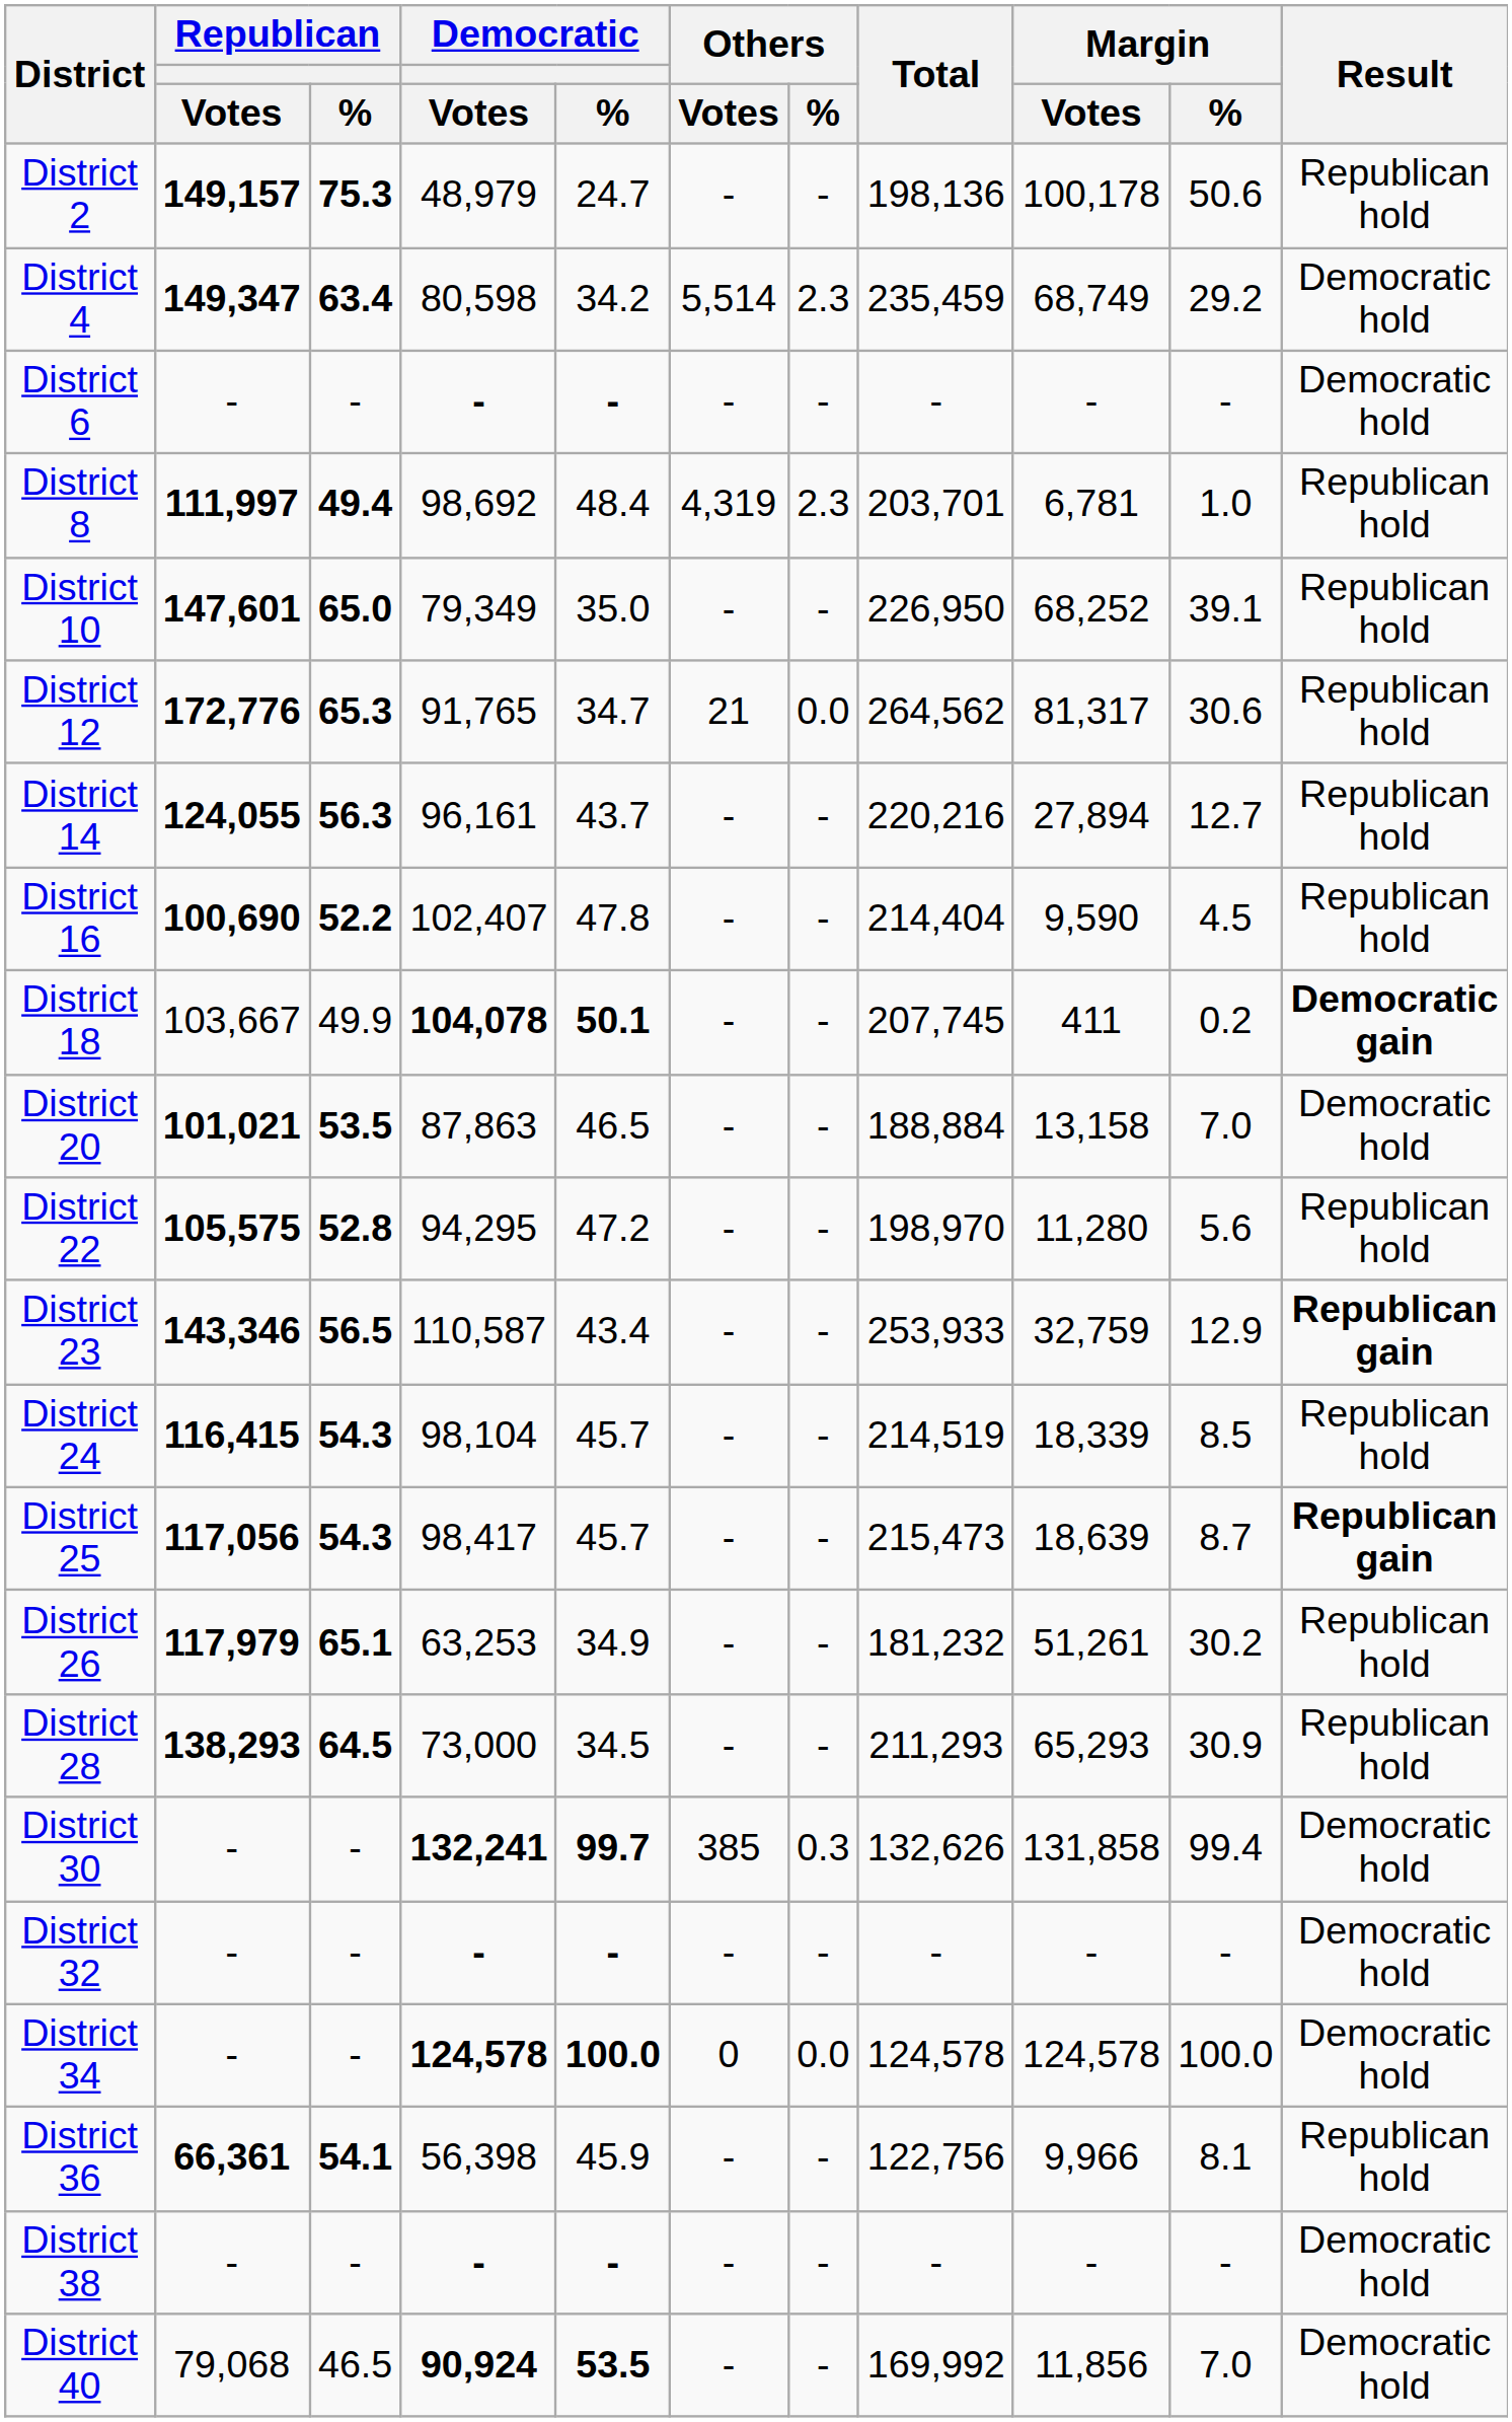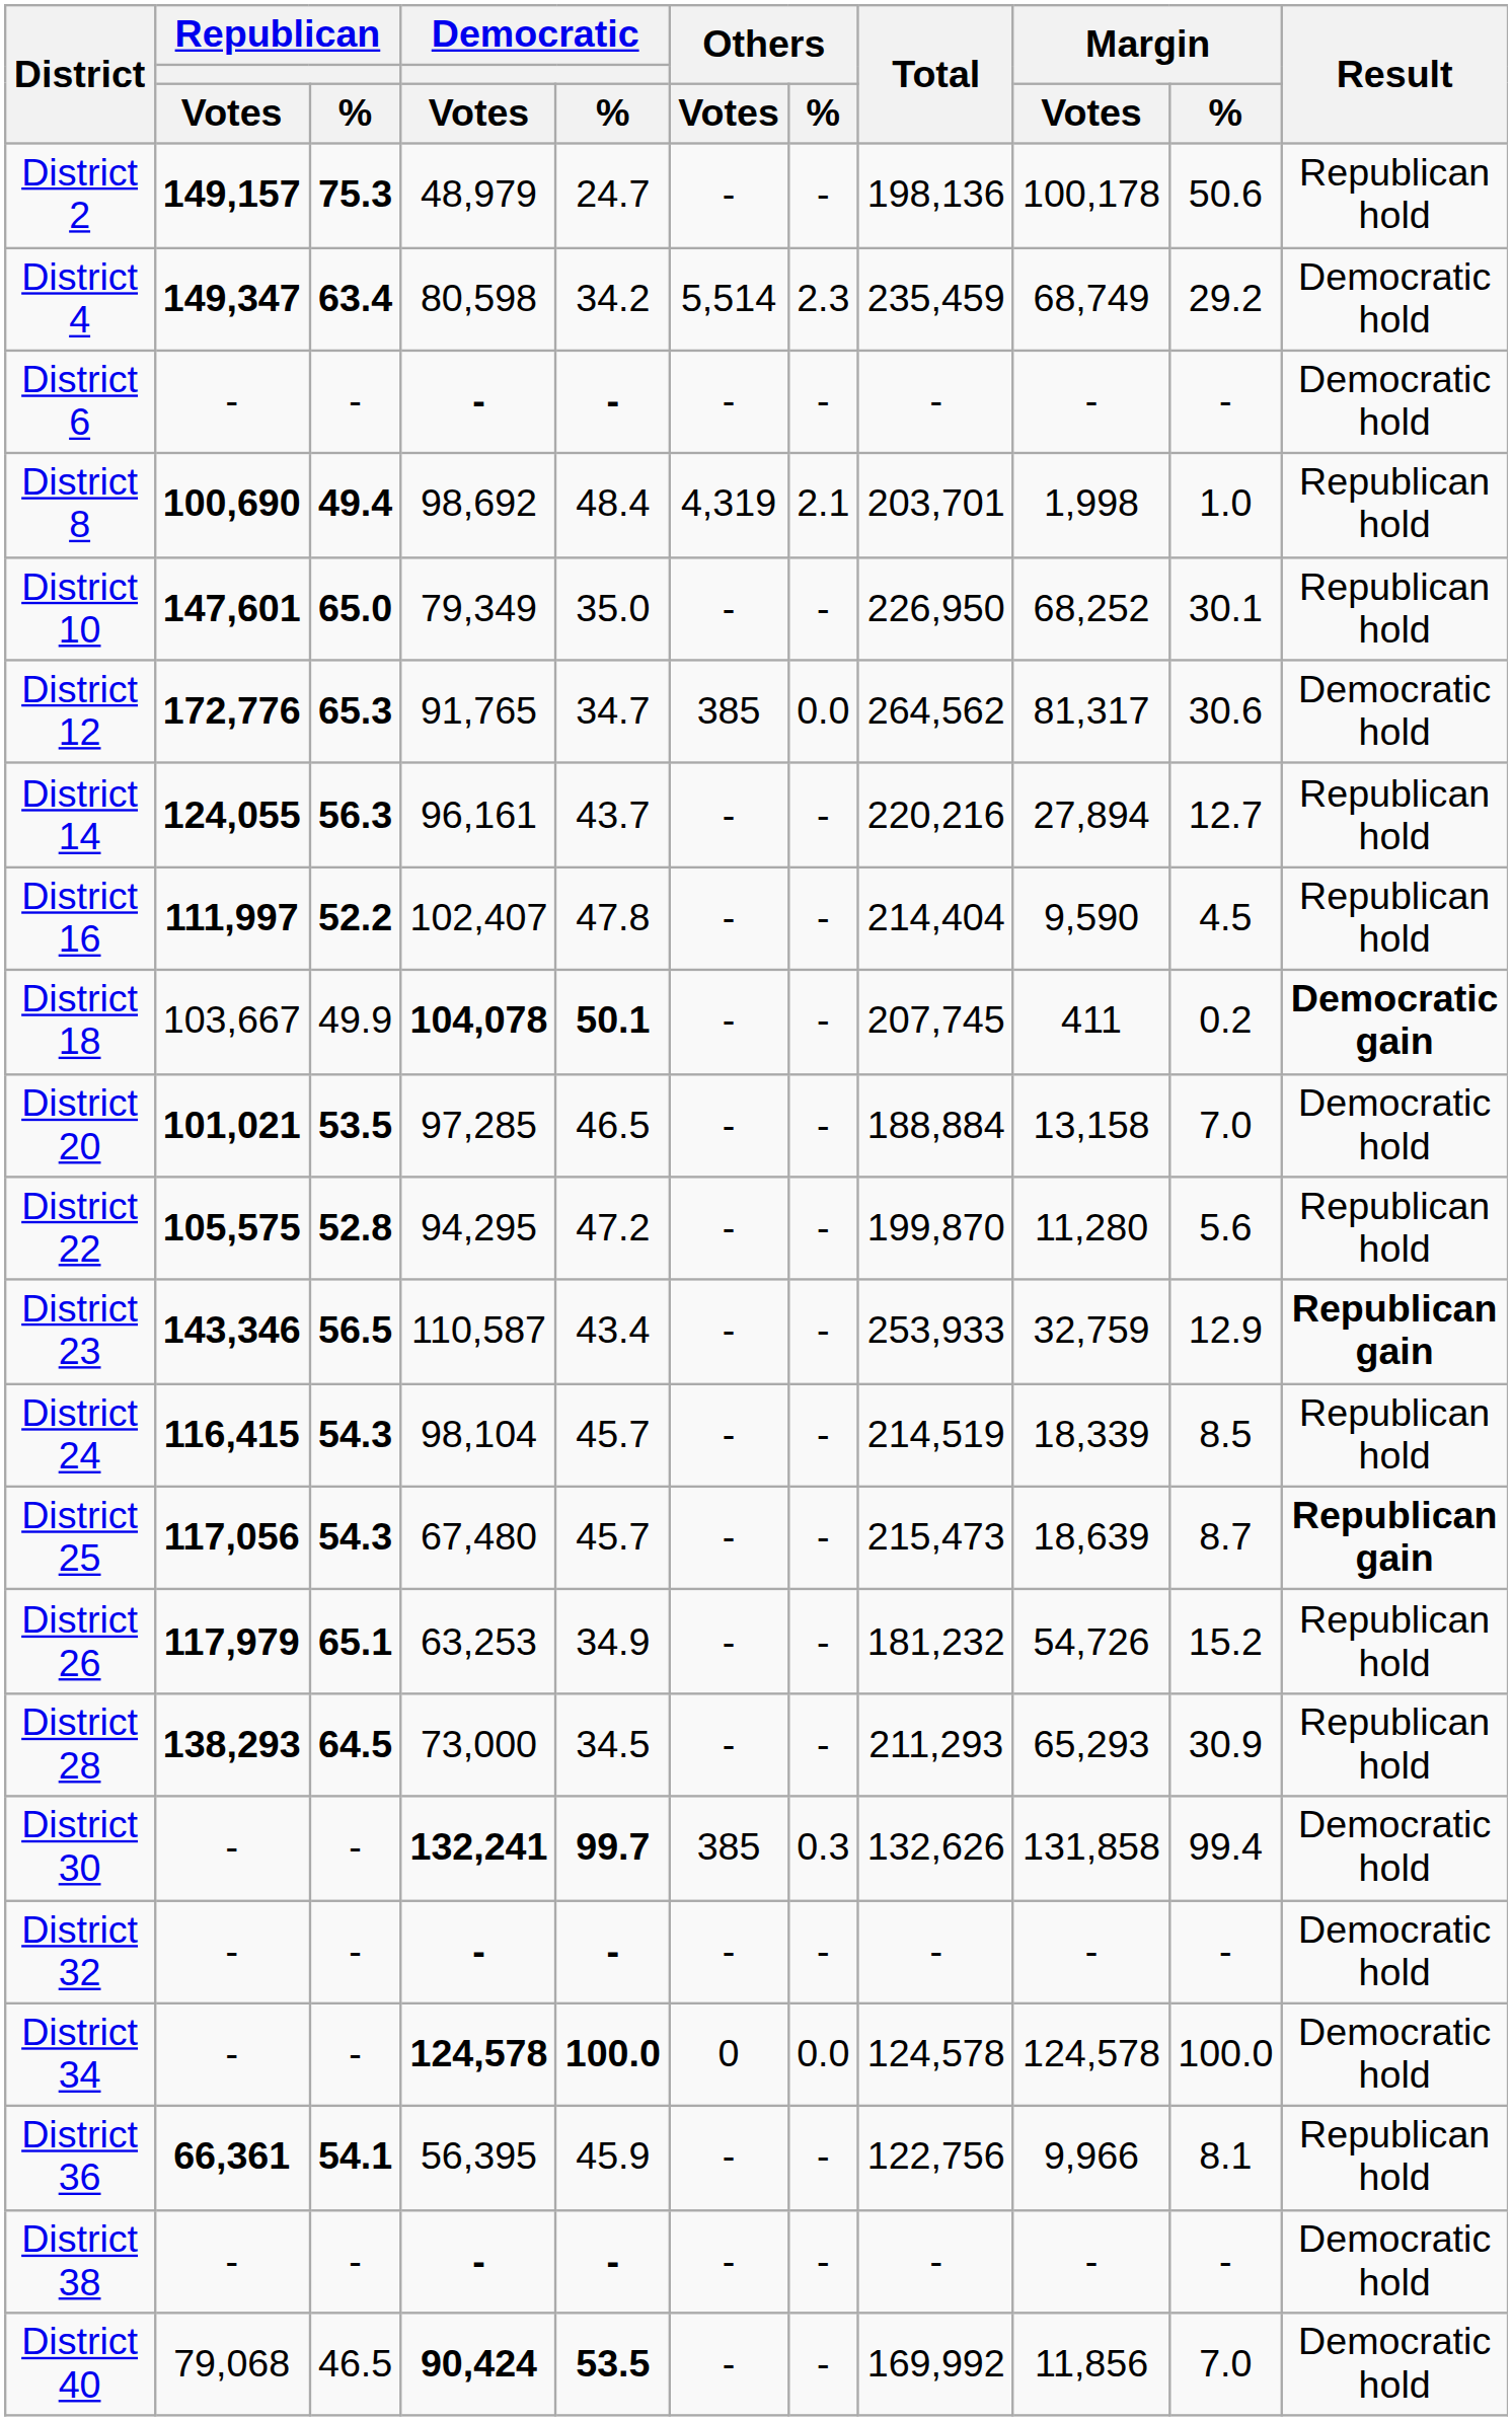 <table class="wikitable sortable" style="font-size:100%; text-align:center;">
 <tr>
 <th rowspan=3 data-sort-type="number">District</th>
 <th colspan=2><a href='#'>Republican</a></th>
 <th colspan=2><a href='#'>Democratic</a></th>
 <th colspan=2 rowspan=2>Others</th>
 <th rowspan=3 data-sort-type="number">Total</th>
 <th colspan=2 rowspan=2>Margin</th>
 <th rowspan=3>Result </th>
 </tr>
 <tr>
 <th colspan=2 style="background:"></th>
 <th colspan=2 style="background-color:"></th>
 </tr>
 <tr>
 <th data-sort-type="number">Votes</th>
 <th data-sort-type="number">%</th>
 <th data-sort-type="number">Votes</th>
 <th data-sort-type="number">%</th>
 <th data-sort-type="number">Votes</th>
 <th data-sort-type="number">%</th>
 <th data-sort-type="number">Votes</th>
 <th data-sort-type="number">%</th>
 </tr>
 <tr>
 <td data-sort-value="2"><a href='#'>District 2</a></td>
 <td><strong>149,157</strong></td>
 <td><strong>75.3</strong></td>
 <td>48,979</td>
 <td>24.7</td>
 <td>-</td>
 <td>-</td>
 <td>198,136</td>
 <td>100,178</td>
 <td>50.6</td>
 <td>Republican hold</td>
 </tr>
 <tr>
 <td data-sort-value="4"><a href='#'>District 4</a></td>
 <td><strong>149,347</strong></td>
 <td><strong>63.4</strong></td>
 <td>80,598</td>
 <td>34.2</td>
 <td>5,514</td>
 <td>2.3</td>
 <td>235,459</td>
 <td>68,749</td>
 <td>29.2</td>
 <td>Democratic hold</td>
 </tr>
 <tr>
 <td data-sort-value="6"><a href='#'>District 6</a></td>
 <td>-</td>
 <td>-</td>
 <td><strong>-</strong></td>
 <td data-sort-value="100.0"><strong>-</strong></td>
 <td>-</td>
 <td>-</td>
 <td>-</td>
 <td>-</td>
 <td data-sort-value="100.1">-</td>
 <td>Democratic hold</td>
 </tr>
 <tr>
 <td data-sort-value="8"><a href='#'>District 8</a></td>
-<td><strong>111,997</strong></td>
+<td><strong>100,690</strong></td>
 <td><strong>49.4</strong></td>
 <td>98,692</td>
 <td>48.4</td>
 <td>4,319</td>
-<td>2.3</td>
+<td>2.1</td>
 <td>203,701</td>
-<td>6,781</td>
+<td>1,998</td>
 <td>1.0</td>
 <td>Republican hold</td>
 </tr>
 <tr>
 <td data-sort-value="10"><a href='#'>District 10</a></td>
 <td><strong>147,601</strong></td>
 <td><strong>65.0</strong></td>
 <td>79,349</td>
 <td>35.0</td>
 <td>-</td>
 <td>-</td>
 <td>226,950</td>
 <td>68,252</td>
-<td>39.1</td>
+<td>30.1</td>
 <td>Republican hold</td>
 </tr>
 <tr>
 <td data-sort-value="12"><a href='#'>District 12</a></td>
 <td><strong>172,776</strong></td>
 <td><strong>65.3</strong></td>
 <td>91,765</td>
 <td>34.7</td>
-<td>21</td>
+<td>385</td>
 <td data-sort-value="0.00008">0.0</td>
 <td>264,562</td>
 <td>81,317</td>
 <td>30.6</td>
-<td>Republican hold</td>
+<td>Democratic hold</td>
 </tr>
 <tr>
 <td data-sort-value="14"><a href='#'>District 14</a></td>
 <td><strong>124,055</strong></td>
 <td><strong>56.3</strong></td>
 <td>96,161</td>
 <td>43.7</td>
 <td>-</td>
 <td>-</td>
 <td>220,216</td>
 <td>27,894</td>
 <td>12.7</td>
 <td>Republican hold</td>
 </tr>
 <tr>
 <td data-sort-value="16"><a href='#'>District 16</a></td>
-<td><strong>100,690</strong></td>
+<td><strong>111,997</strong></td>
 <td><strong>52.2</strong></td>
 <td>102,407</td>
 <td>47.8</td>
 <td>-</td>
 <td>-</td>
 <td>214,404</td>
 <td>9,590</td>
 <td>4.5</td>
 <td>Republican hold</td>
 </tr>
 <tr>
 <td data-sort-value="18"><a href='#'>District 18</a></td>
 <td>103,667</td>
 <td>49.9</td>
 <td><strong>104,078</strong></td>
 <td><strong>50.1</strong></td>
 <td>-</td>
 <td>-</td>
 <td>207,745</td>
 <td>411</td>
 <td>0.2</td>
 <td><strong>Democratic gain</strong></td>
 </tr>
 <tr>
 <td data-sort-value="20"><a href='#'>District 20</a></td>
 <td><strong>101,021</strong></td>
 <td><strong>53.5</strong></td>
-<td>87,863</td>
+<td>97,285</td>
 <td>46.5</td>
 <td>-</td>
 <td>-</td>
 <td>188,884</td>
 <td>13,158</td>
 <td data-sort-value="6.966">7.0</td>
 <td>Democratic hold</td>
 </tr>
 <tr>
 <td data-sort-value="22"><a href='#'>District 22</a></td>
 <td><strong>105,575</strong></td>
 <td><strong>52.8</strong></td>
 <td>94,295</td>
 <td>47.2</td>
 <td>-</td>
 <td>-</td>
-<td>198,970</td>
+<td>199,870</td>
 <td>11,280</td>
 <td>5.6</td>
 <td>Republican hold</td>
 </tr>
 <tr>
 <td data-sort-value="23"><a href='#'>District 23</a></td>
 <td><strong>143,346</strong></td>
 <td><strong>56.5</strong></td>
 <td>110,587</td>
 <td>43.4</td>
 <td>-</td>
 <td>-</td>
 <td>253,933</td>
 <td>32,759</td>
 <td>12.9</td>
 <td><strong>Republican gain</strong></td>
 </tr>
 <tr>
 <td data-sort-value="24"><a href='#'>District 24</a></td>
 <td><strong>116,415</strong></td>
 <td data-sort-value="54.27"><strong>54.3</strong></td>
 <td>98,104</td>
 <td data-sort-value="45.73">45.7</td>
 <td>-</td>
 <td>-</td>
 <td>214,519</td>
 <td>18,339</td>
 <td>8.5</td>
 <td>Republican hold</td>
 </tr>
 <tr>
 <td data-sort-value="25"><a href='#'>District 25</a></td>
 <td><strong>117,056</strong></td>
 <td data-sort-value="54.33"><strong>54.3</strong></td>
-<td>98,417</td>
+<td>67,480</td>
 <td data-sort-value="45.67">45.7</td>
 <td>-</td>
 <td>-</td>
 <td>215,473</td>
 <td>18,639</td>
 <td>8.7</td>
 <td><strong>Republican gain</strong></td>
 </tr>
 <tr>
 <td data-sort-value="26"><a href='#'>District 26</a></td>
 <td><strong>117,979</strong></td>
 <td><strong>65.1</strong></td>
 <td>63,253</td>
 <td>34.9</td>
 <td>-</td>
 <td>-</td>
 <td>181,232</td>
-<td>51,261</td>
-<td>30.2</td>
+<td>54,726</td>
+<td>15.2</td>
 <td>Republican hold</td>
 </tr>
 <tr>
 <td data-sort-value="28"><a href='#'>District 28</a></td>
 <td><strong>138,293</strong></td>
 <td><strong>64.5</strong></td>
 <td>73,000</td>
 <td>34.5</td>
 <td>-</td>
 <td>-</td>
 <td>211,293</td>
 <td>65,293</td>
 <td>30.9</td>
 <td>Republican hold</td>
 </tr>
 <tr>
 <td data-sort-value="30"><a href='#'>District 30</a></td>
 <td>-</td>
 <td>-</td>
 <td><strong>132,241</strong></td>
 <td><strong>99.7</strong></td>
 <td>385</td>
 <td>0.3</td>
 <td>132,626</td>
 <td>131,858</td>
 <td>99.4</td>
 <td>Democratic hold</td>
 </tr>
 <tr>
 <td data-sort-value="32"><a href='#'>District 32</a></td>
 <td>-</td>
 <td>-</td>
 <td><strong>-</strong></td>
 <td data-sort-value="100.0"><strong>-</strong></td>
 <td>-</td>
 <td>-</td>
 <td>-</td>
 <td>-</td>
 <td data-sort-value="100.1">-</td>
 <td>Democratic hold</td>
 </tr>
 <tr>
 <td data-sort-value="34"><a href='#'>District 34</a></td>
 <td>-</td>
 <td>-</td>
 <td><strong>124,578</strong></td>
 <td><strong>100.0</strong></td>
 <td>0</td>
 <td>0.0</td>
 <td>124,578</td>
 <td>124,578</td>
 <td>100.0</td>
 <td>Democratic hold</td>
 </tr>
 <tr>
 <td data-sort-value="36"><a href='#'>District 36</a></td>
 <td><strong>66,361</strong></td>
 <td><strong>54.1</strong></td>
-<td>56,398</td>
+<td>56,395</td>
 <td>45.9</td>
 <td>-</td>
 <td>-</td>
 <td>122,756</td>
 <td>9,966</td>
 <td>8.1</td>
 <td>Republican hold</td>
 </tr>
 <tr>
 <td data-sort-value="38"><a href='#'>District 38</a></td>
 <td>-</td>
 <td>-</td>
 <td><strong>-</strong></td>
 <td data-sort-value="100.0"><strong>-</strong></td>
 <td>-</td>
 <td>-</td>
 <td>-</td>
 <td>-</td>
 <td data-sort-value="100.1">-</td>
 <td>Democratic hold</td>
 </tr>
 <tr>
 <td data-sort-value="40"><a href='#'>District 40</a></td>
 <td>79,068</td>
 <td>46.5</td>
-<td><strong>90,924</strong></td>
+<td><strong>90,424</strong></td>
 <td><strong>53.5</strong></td>
 <td>-</td>
 <td>-</td>
 <td>169,992</td>
 <td>11,856</td>
 <td data-sort-value="6.974">7.0</td>
 <td>Democratic hold</td>
 </tr>
 </table>
